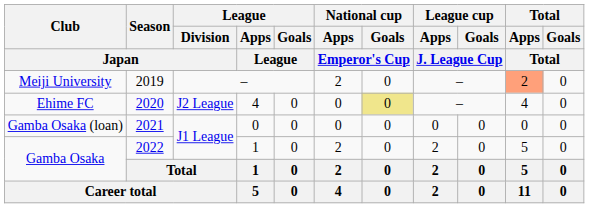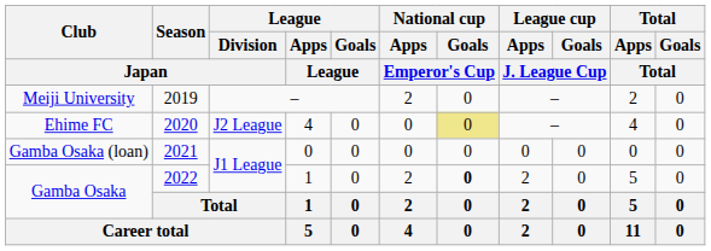 <table class="wikitable" style="text-align:center">
 <tr>
 <th rowspan=2>Club</th>
 <th rowspan=2>Season</th>
 <th colspan=3>League</th>
 <th colspan=2>National cup</th>
 <th colspan=2>League cup</th>
 <th colspan=2>Total</th>
 </tr>
 <tr>
 <th>Division</th>
 <th>Apps</th>
 <th>Goals</th>
 <th>Apps</th>
 <th>Goals</th>
 <th>Apps</th>
 <th>Goals</th>
 <th>Apps</th>
 <th>Goals</th>
 </tr>
 <tr>
 <th colspan=3>Japan</th>
 <th colspan=2>League</th>
 <th colspan=2><a href='#'>Emperor's Cup</a></th>
 <th colspan=2><a href='#'>J. League Cup</a></th>
 <th colspan=2>Total</th>
 </tr>
 <tr>
 <td><a href='#'>Meiji University</a></td>
 <td>2019</td>
 <td colspan="3">–</td>
 <td>2</td>
 <td>0</td>
 <td colspan="2">–</td>
-<td style="background: lightsalmon;">2</td>
+<td>2</td>
 <td>0</td>
 </tr>
 <tr>
 <td><a href='#'>Ehime FC</a></td>
 <td><a href='#'>2020</a></td>
 <td><a href='#'>J2 League</a></td>
 <td>4</td>
 <td>0</td>
 <td>0</td>
 <td style="background: khaki;">0</td>
 <td colspan="2">–</td>
 <td>4</td>
 <td>0</td>
 </tr>
 <tr>
 <td><a href='#'>Gamba Osaka</a> (loan)</td>
 <td><a href='#'>2021</a></td>
 <td rowspan="2"><a href='#'>J1 League</a></td>
 <td>0</td>
 <td>0</td>
 <td>0</td>
 <td>0</td>
 <td>0</td>
 <td>0</td>
 <td>0</td>
 <td>0</td>
 </tr>
 <tr>
 <td rowspan="2"><a href='#'>Gamba Osaka</a></td>
 <td><a href='#'>2022</a></td>
 <td>1</td>
 <td>0</td>
 <td>2</td>
-<td>0</td>
+<td><strong>0</strong></td>
 <td>2</td>
 <td>0</td>
 <td>5</td>
 <td>0</td>
 </tr>
 <tr>
 <th colspan="2">Total</th>
 <th>1</th>
 <th>0</th>
 <th>2</th>
 <th>0</th>
 <th>2</th>
 <th>0</th>
 <th>5</th>
 <th>0</th>
 </tr>
 <tr>
 <th colspan=3>Career total</th>
 <th>5</th>
 <th>0</th>
 <th>4</th>
 <th>0</th>
 <th>2</th>
 <th>0</th>
 <th>11</th>
 <th>0</th>
 </tr>
 </table>
